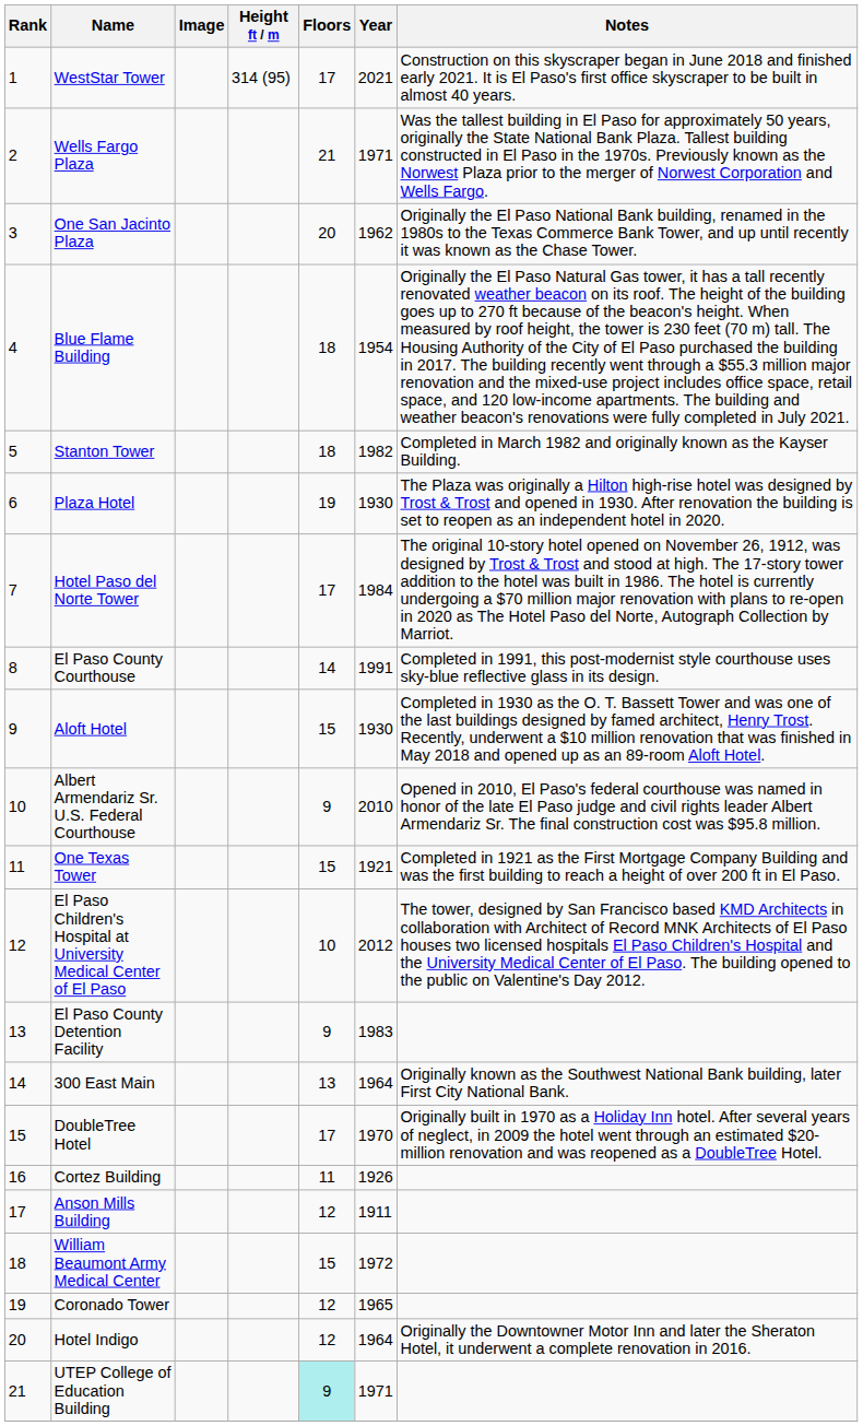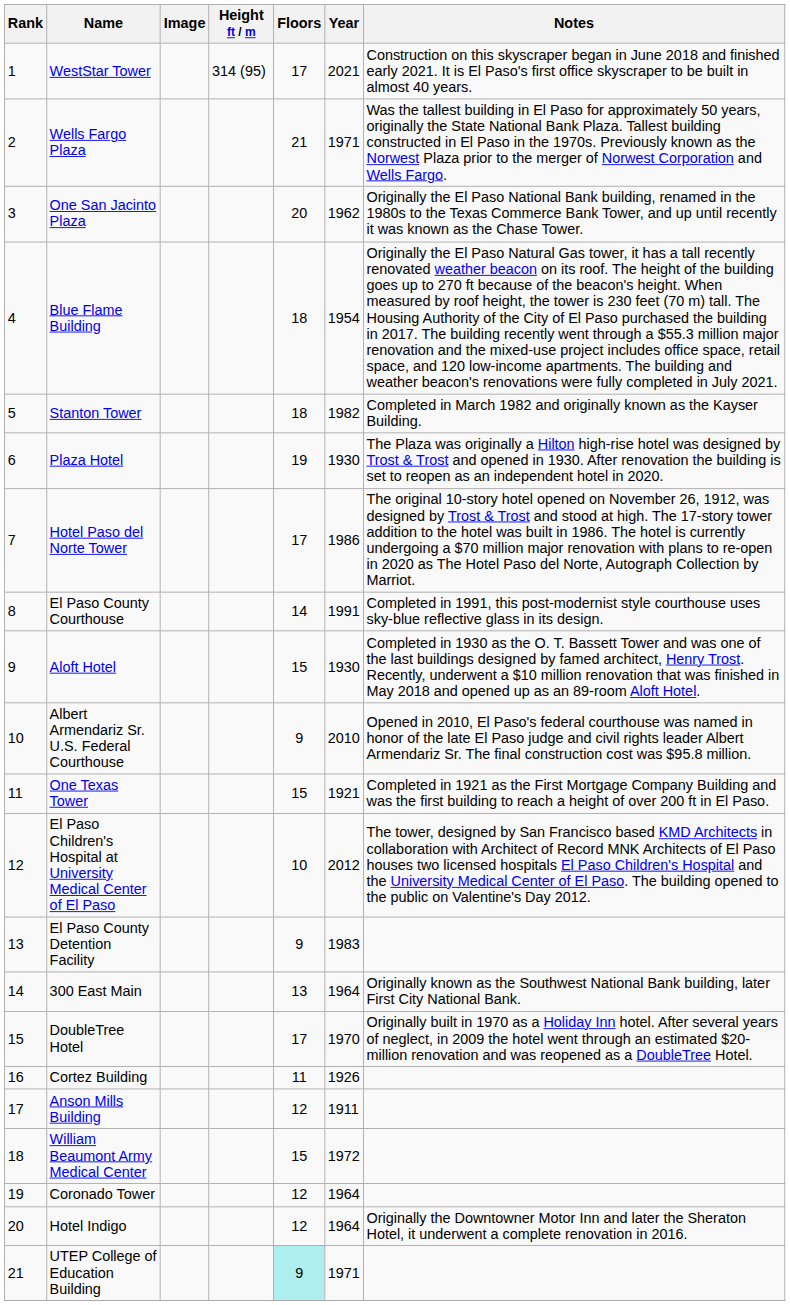 <table class="wikitable sortable">
 <tr>
 <th>Rank</th>
 <th>Name</th>
 <th>Image</th>
 <th width="65px">Height<br><small><a href='#'>ft</a> / <a href='#'>m</a></small></th>
 <th>Floors</th>
 <th>Year</th>
 <th class="unsortable">Notes</th>
 </tr>
 <tr>
 <td>1</td>
 <td><a href='#'>WestStar Tower</a></td>
 <td></td>
 <td>314 (95)</td>
 <td align="center">17</td>
 <td>2021</td>
 <td>Construction on this skyscraper began in June 2018 and finished early 2021. It is El Paso's first office skyscraper to be built in almost 40 years.</td>
 </tr>
 <tr>
 <td>2</td>
 <td><a href='#'>Wells Fargo Plaza</a></td>
 <td></td>
 <td></td>
 <td align="center">21</td>
 <td>1971</td>
 <td>Was the tallest building in El Paso for approximately 50 years, originally the State National Bank Plaza. Tallest building constructed in El Paso in the 1970s. Previously known as the <a href='#'>Norwest</a> Plaza prior to the merger of <a href='#'>Norwest Corporation</a> and <a href='#'>Wells Fargo</a>.</td>
 </tr>
 <tr>
 <td>3</td>
 <td><a href='#'>One San Jacinto Plaza</a></td>
 <td></td>
 <td></td>
 <td align="center">20</td>
 <td>1962</td>
 <td>Originally the El Paso National Bank building, renamed in the 1980s to the  Texas Commerce Bank Tower, and up until recently it was known as the Chase Tower.</td>
 </tr>
 <tr>
 <td>4</td>
 <td><a href='#'>Blue Flame Building</a></td>
 <td></td>
 <td></td>
 <td align="center">18</td>
 <td>1954</td>
 <td>Originally the El Paso Natural Gas tower, it has a tall recently renovated <a href='#'>weather beacon</a> on its roof. The height of the building goes up to 270 ft because of the beacon's height. When measured by roof height, the tower is 230 feet (70 m) tall. The Housing Authority of the City of El Paso purchased the building in 2017. The building recently went through a $55.3 million major renovation and the mixed-use project includes office space, retail space, and 120 low-income apartments. The building and weather beacon's renovations were fully completed in July 2021.</td>
 </tr>
 <tr>
 <td>5</td>
 <td><a href='#'>Stanton Tower</a></td>
 <td></td>
 <td></td>
 <td align="center">18</td>
 <td>1982</td>
 <td>Completed in March 1982 and originally known as the Kayser Building.</td>
 </tr>
 <tr>
 <td>6</td>
 <td><a href='#'>Plaza Hotel</a></td>
 <td></td>
 <td></td>
 <td align="center">19</td>
 <td>1930</td>
 <td>The Plaza was originally a <a href='#'>Hilton</a> high-rise hotel was designed by <a href='#'>Trost & Trost</a> and opened in 1930.  After renovation the building is set to reopen as an independent hotel in 2020.</td>
 </tr>
 <tr>
 <td>7</td>
 <td><a href='#'>Hotel Paso del Norte Tower</a></td>
 <td></td>
 <td></td>
 <td align="center">17</td>
-<td>1984</td>
+<td>1986</td>
 <td>The original 10-story hotel opened on November 26, 1912, was designed by <a href='#'>Trost & Trost</a> and stood at  high. The 17-story tower addition to the hotel was built in 1986. The hotel is currently undergoing a $70 million major renovation with plans to re-open in 2020 as The Hotel Paso del Norte, Autograph Collection by Marriot.</td>
 </tr>
 <tr>
 <td>8</td>
 <td>El Paso County Courthouse</td>
 <td></td>
 <td></td>
 <td align="center">14</td>
 <td>1991</td>
 <td>Completed in 1991, this post-modernist style courthouse uses sky-blue reflective glass in its design.</td>
 </tr>
 <tr>
 <td>9</td>
 <td><a href='#'>Aloft Hotel</a></td>
 <td></td>
 <td></td>
 <td align="center">15</td>
 <td>1930</td>
 <td>Completed in 1930 as the O. T. Bassett Tower and was one of the last buildings designed by famed architect, <a href='#'>Henry Trost</a>. Recently, underwent a $10 million renovation that was finished in May 2018 and opened up as an 89-room <a href='#'>Aloft Hotel</a>.</td>
 </tr>
 <tr>
 <td>10</td>
 <td>Albert Armendariz Sr. U.S. Federal Courthouse</td>
 <td></td>
 <td></td>
 <td align="center">9</td>
 <td>2010</td>
 <td>Opened in 2010, El Paso's federal courthouse was named in honor of the late El Paso judge and civil rights leader Albert Armendariz Sr. The final construction cost was $95.8 million.</td>
 </tr>
 <tr>
 <td>11</td>
 <td><a href='#'>One Texas Tower</a></td>
 <td></td>
 <td></td>
 <td align="center">15</td>
 <td>1921</td>
 <td>Completed in 1921 as the First Mortgage Company Building and was the first building to reach a height of over 200 ft in El Paso.</td>
 </tr>
 <tr>
 <td>12</td>
 <td>El Paso Children's Hospital at <a href='#'>University Medical Center of El Paso</a></td>
 <td></td>
 <td></td>
 <td align="center">10</td>
 <td>2012</td>
 <td>The tower, designed by San Francisco based <a href='#'>KMD Architects</a> in collaboration with Architect of Record MNK Architects of El Paso houses two licensed hospitals <a href='#'>El Paso Children's Hospital</a> and the <a href='#'>University Medical Center of El Paso</a>.  The building opened to the public on Valentine's Day 2012.</td>
 </tr>
 <tr>
 <td>13</td>
 <td>El Paso County Detention Facility</td>
 <td></td>
 <td></td>
 <td align="center">9</td>
 <td>1983</td>
 <td></td>
 </tr>
 <tr>
 <td>14</td>
 <td>300 East Main</td>
 <td></td>
 <td></td>
 <td align="center">13</td>
 <td>1964</td>
 <td>Originally known as the Southwest National Bank building, later First City National Bank.</td>
 </tr>
 <tr>
 <td>15</td>
 <td>DoubleTree Hotel</td>
 <td></td>
 <td></td>
 <td align="center">17</td>
 <td>1970</td>
 <td>Originally built in 1970 as a <a href='#'>Holiday Inn</a> hotel. After several years of neglect, in 2009 the hotel went through an estimated $20-million renovation and was reopened as a <a href='#'>DoubleTree</a> Hotel.</td>
 </tr>
 <tr>
 <td>16</td>
 <td>Cortez Building</td>
 <td></td>
 <td></td>
 <td align="center">11</td>
 <td>1926</td>
 <td></td>
 </tr>
 <tr>
 <td>17</td>
 <td><a href='#'>Anson Mills Building</a></td>
 <td></td>
 <td></td>
 <td align="center">12</td>
 <td>1911</td>
 <td></td>
 </tr>
 <tr>
 <td>18</td>
 <td><a href='#'>William Beaumont Army Medical Center</a></td>
 <td></td>
 <td></td>
 <td align="center">15</td>
 <td>1972</td>
 <td></td>
 </tr>
 <tr>
 <td>19</td>
 <td>Coronado Tower</td>
 <td></td>
 <td></td>
 <td align="center">12</td>
-<td>1965</td>
+<td>1964</td>
 <td></td>
 </tr>
 <tr>
 <td>20</td>
 <td>Hotel Indigo</td>
 <td></td>
 <td></td>
 <td align="center">12</td>
 <td>1964</td>
 <td>Originally the Downtowner Motor Inn and later the Sheraton Hotel, it underwent a complete renovation in 2016.</td>
 </tr>
 <tr>
 <td>21</td>
 <td>UTEP College of Education Building</td>
 <td></td>
 <td></td>
 <td align="center" style="background: paleturquoise;">9</td>
 <td>1971</td>
 <td></td>
 </tr>
 <tr>
 </tr>
 </table>
